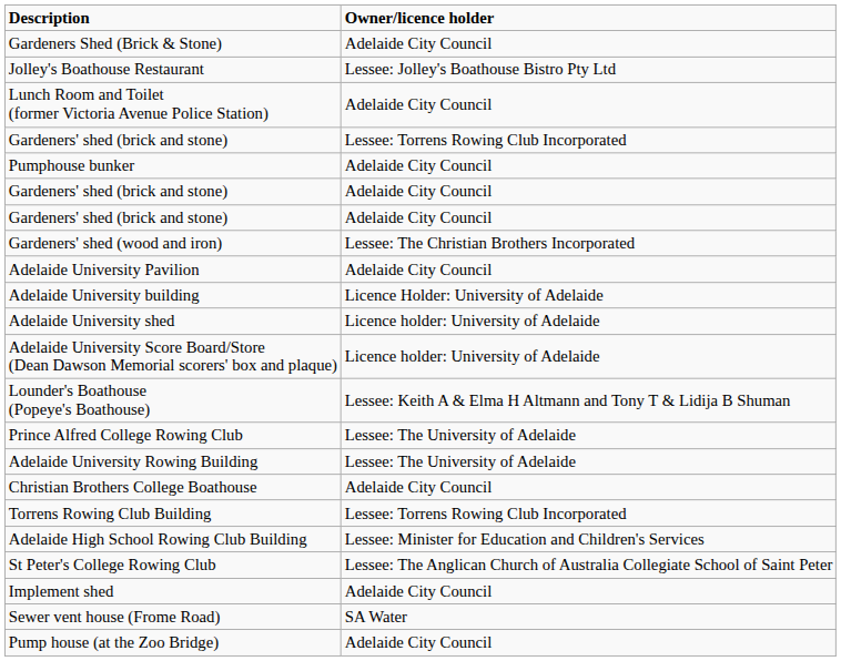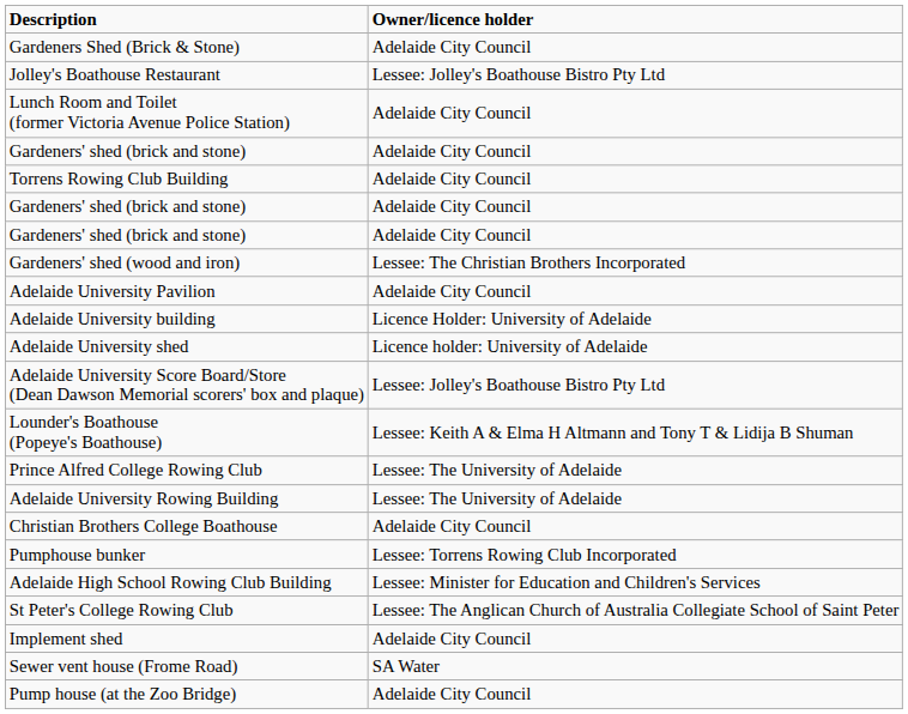 <table Class=wikitable>
 <tr>
 <td><strong>Description</strong></td>
 <td><strong>Owner/licence holder</strong></td>
 </tr>
 <tr>
 <td>Gardeners Shed (Brick & Stone)</td>
 <td>Adelaide City Council</td>
 </tr>
 <tr>
 <td>Jolley's Boathouse Restaurant</td>
 <td>Lessee: Jolley's Boathouse Bistro Pty Ltd</td>
 </tr>
 <tr>
 <td>Lunch Room and Toilet<br>(former Victoria Avenue Police Station)</td>
 <td>Adelaide City Council</td>
 </tr>
 <tr>
 <td>Gardeners' shed (brick and stone)</td>
-<td>Lessee: Torrens Rowing Club Incorporated</td>
+<td>Adelaide City Council</td>
 </tr>
 <tr>
-<td>Pumphouse bunker</td>
+<td>Torrens Rowing Club Building</td>
 <td>Adelaide City Council</td>
 </tr>
 <tr>
 <td>Gardeners' shed (brick and stone)</td>
 <td>Adelaide City Council</td>
 </tr>
 <tr>
 <td>Gardeners' shed (brick and stone)</td>
 <td>Adelaide City Council</td>
 </tr>
 <tr>
 <td>Gardeners' shed (wood and iron)</td>
 <td>Lessee: The Christian Brothers Incorporated</td>
 </tr>
 <tr>
 <td>Adelaide University Pavilion</td>
 <td>Adelaide City Council</td>
 </tr>
 <tr>
 <td>Adelaide University building</td>
 <td>Licence Holder: University of Adelaide</td>
 </tr>
 <tr>
 <td>Adelaide University shed</td>
 <td>Licence holder: University of Adelaide</td>
 </tr>
 <tr>
 <td>Adelaide University Score Board/Store<br>(Dean Dawson Memorial scorers' box and plaque)</td>
-<td>Licence holder: University of Adelaide</td>
+<td>Lessee: Jolley's Boathouse Bistro Pty Ltd</td>
 </tr>
 <tr>
 <td>Lounder's Boathouse<br>(Popeye's Boathouse)</td>
 <td>Lessee: Keith A & Elma H Altmann and Tony T & Lidija B Shuman</td>
 </tr>
 <tr>
 <td>Prince Alfred College Rowing Club</td>
 <td>Lessee: The University of Adelaide</td>
 </tr>
 <tr>
 <td>Adelaide University Rowing Building</td>
 <td>Lessee: The University of Adelaide</td>
 </tr>
 <tr>
 <td>Christian Brothers College Boathouse</td>
 <td>Adelaide City Council</td>
 </tr>
 <tr>
-<td>Torrens Rowing Club Building</td>
+<td>Pumphouse bunker</td>
 <td>Lessee: Torrens Rowing Club Incorporated</td>
 </tr>
 <tr>
 <td>Adelaide High School Rowing Club Building</td>
 <td>Lessee: Minister for Education and Children's Services</td>
 </tr>
 <tr>
 <td>St Peter's College Rowing Club</td>
 <td>Lessee: The Anglican Church of Australia Collegiate School of Saint Peter</td>
 </tr>
 <tr>
 <td>Implement shed</td>
 <td>Adelaide City Council</td>
 </tr>
 <tr>
 <td>Sewer vent house (Frome Road)</td>
 <td>SA Water</td>
 </tr>
 <tr>
 <td>Pump house (at the Zoo Bridge)</td>
 <td>Adelaide City Council</td>
 </tr>
 </table>
